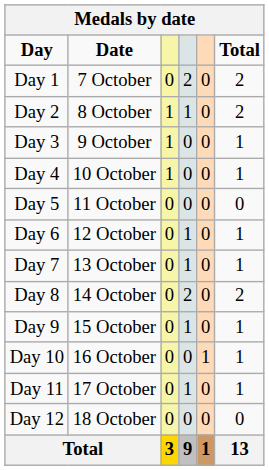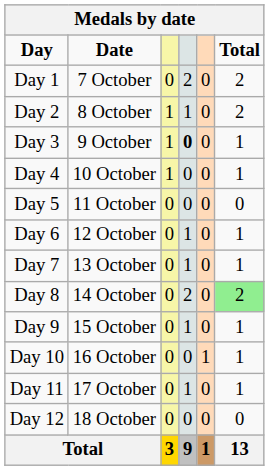 <table class=wikitable style="font-size:85%;float:right;clear:right;">
 <tr bgcolor=efefef>
 <th colspan=6>Medals by date</th>
 </tr>
 <tr align=center>
 <td><strong>Day</strong></td>
 <td><strong>Date</strong></td>
 <td bgcolor=#f7f6a8></td>
 <td bgcolor=#dce5e5></td>
 <td bgcolor=#ffdab9></td>
 <td><strong>Total</strong></td>
 </tr>
 <tr align=center>
 <td>Day 1</td>
 <td>7 October</td>
 <td bgcolor=F7F6A8>0</td>
 <td bgcolor=DCE5E5>2</td>
 <td bgcolor=FFDAB9>0</td>
 <td>2</td>
 </tr>
 <tr align=center>
 <td>Day 2</td>
 <td>8 October</td>
 <td bgcolor=F7F6A8>1</td>
 <td bgcolor=DCE5E5>1</td>
 <td bgcolor=FFDAB9>0</td>
 <td>2</td>
 </tr>
 <tr align=center>
 <td>Day 3</td>
 <td>9 October</td>
 <td bgcolor=F7F6A8>1</td>
-<td bgcolor=DCE5E5>0</td>
+<td bgcolor=DCE5E5><strong>0</strong></td>
 <td bgcolor=FFDAB9>0</td>
 <td>1</td>
 </tr>
 <tr align=center>
 <td>Day 4</td>
 <td>10 October</td>
 <td bgcolor=F7F6A8>1</td>
 <td bgcolor=DCE5E5>0</td>
 <td bgcolor=FFDAB9>0</td>
 <td>1</td>
 </tr>
 <tr align=center>
 <td>Day 5</td>
 <td>11 October</td>
 <td bgcolor=F7F6A8>0</td>
 <td bgcolor=DCE5E5>0</td>
 <td bgcolor=FFDAB9>0</td>
 <td>0</td>
 </tr>
 <tr align=center>
 <td>Day 6</td>
 <td>12 October</td>
 <td bgcolor=F7F6A8>0</td>
 <td bgcolor=DCE5E5>1</td>
 <td bgcolor=FFDAB9>0</td>
 <td>1</td>
 </tr>
 <tr align=center>
 <td>Day 7</td>
 <td>13 October</td>
 <td bgcolor=F7F6A8>0</td>
 <td bgcolor=DCE5E5>1</td>
 <td bgcolor=FFDAB9>0</td>
 <td>1</td>
 </tr>
 <tr align=center>
 <td>Day 8</td>
 <td>14 October</td>
 <td bgcolor=F7F6A8>0</td>
 <td bgcolor=DCE5E5>2</td>
 <td bgcolor=FFDAB9>0</td>
-<td>2</td>
+<td style="background: lightgreen;">2</td>
 </tr>
 <tr align=center>
 <td>Day 9</td>
 <td>15 October</td>
 <td bgcolor=F7F6A8>0</td>
 <td bgcolor=DCE5E5>1</td>
 <td bgcolor=FFDAB9>0</td>
 <td>1</td>
 </tr>
 <tr align=center>
 <td>Day 10</td>
 <td>16 October</td>
 <td bgcolor=F7F6A8>0</td>
 <td bgcolor=DCE5E5>0</td>
 <td bgcolor=FFDAB9>1</td>
 <td>1</td>
 </tr>
 <tr align=center>
 <td>Day 11</td>
 <td>17 October</td>
 <td bgcolor=F7F6A8>0</td>
 <td bgcolor=DCE5E5>1</td>
 <td bgcolor=FFDAB9>0</td>
 <td>1</td>
 </tr>
 <tr align=center>
 <td>Day 12</td>
 <td>18 October</td>
 <td bgcolor=F7F6A8>0</td>
 <td bgcolor=DCE5E5>0</td>
 <td bgcolor=FFDAB9>0</td>
 <td>0</td>
 </tr>
 <tr>
 <th colspan=2>Total</th>
 <th style="background:gold">3</th>
 <th style="background:silver">9</th>
 <th style="background:#c96">1</th>
 <th>13</th>
 </tr>
 </table>
